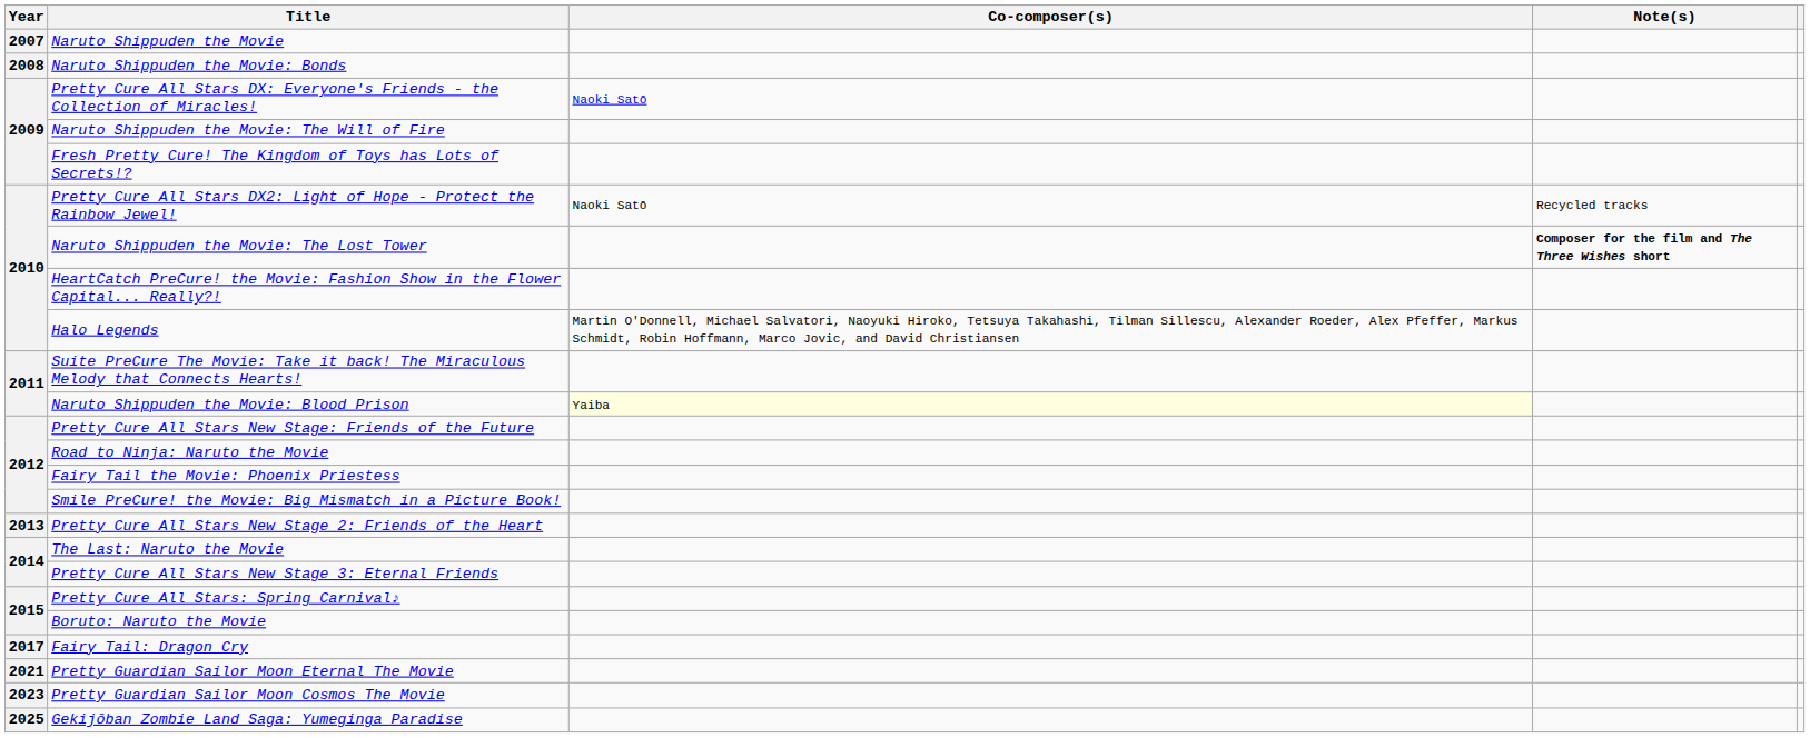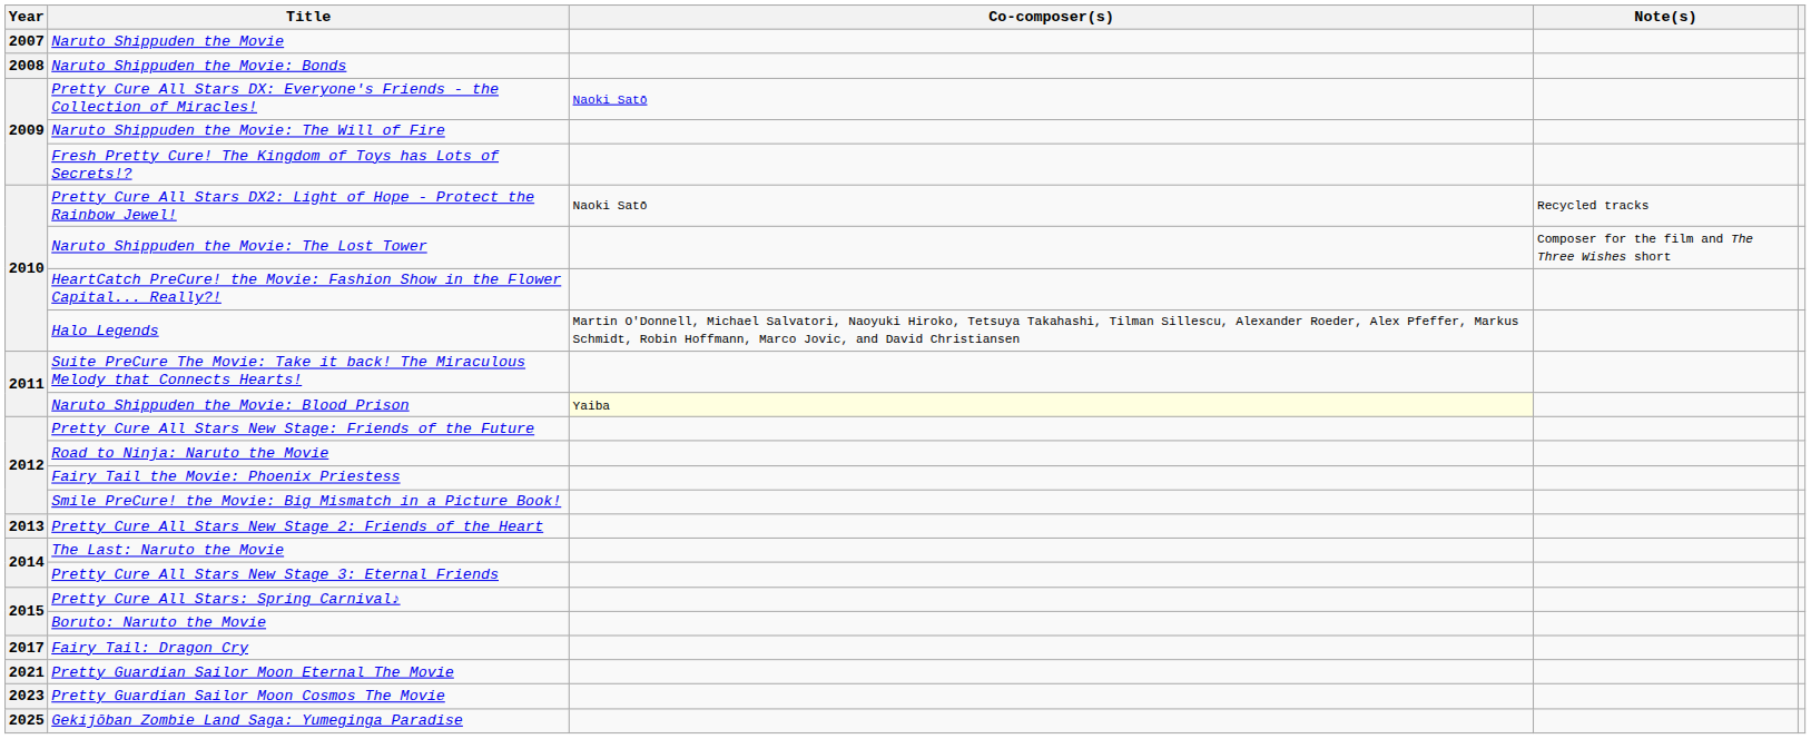 <table class="wikitable unsortable">
 <tr>
 <th>Year</th>
 <th>Title</th>
 <th class="unsortable">Co-composer(s)</th>
 <th class="unsortable">Note(s)</th>
 <th class="unsortable"></th>
 </tr>
 <tr>
 <th>2007</th>
 <td><em><a href='#'>Naruto Shippuden the Movie</a></em></td>
 <td></td>
 <td></td>
 <td></td>
 </tr>
 <tr>
 <th>2008</th>
 <td><em><a href='#'>Naruto Shippuden the Movie: Bonds</a></em></td>
 <td></td>
 <td></td>
 <td></td>
 </tr>
 <tr>
 <th rowspan="3">2009</th>
 <td><em><a href='#'>Pretty Cure All Stars DX: Everyone's Friends - the Collection of Miracles!</a></em></td>
 <td><small><a href='#'>Naoki Satō</a></small></td>
 <td></td>
 <td></td>
 </tr>
 <tr>
 <td><em><a href='#'>Naruto Shippuden the Movie: The Will of Fire</a></em></td>
 <td></td>
 <td></td>
 <td></td>
 </tr>
 <tr>
 <td><em><a href='#'>Fresh Pretty Cure! The Kingdom of Toys has Lots of Secrets!?</a></em></td>
 <td></td>
 <td></td>
 <td></td>
 </tr>
 <tr>
 <th rowspan="4">2010</th>
 <td><em><a href='#'>Pretty Cure All Stars DX2: Light of Hope - Protect the Rainbow Jewel!</a></em></td>
 <td><small>Naoki Satō</small></td>
 <td><small>Recycled tracks</small></td>
 <td></td>
 </tr>
 <tr>
 <td><em><a href='#'>Naruto Shippuden the Movie: The Lost Tower</a></em></td>
 <td></td>
-<td><strong><small>Composer for the film and <em>The Three Wishes</em> short</small></strong></td>
+<td><small>Composer for the film and <em>The Three Wishes</em> short</small></td>
 <td></td>
 </tr>
 <tr>
 <td><em><a href='#'>HeartCatch PreCure! the Movie: Fashion Show in the Flower Capital... Really?!</a></em></td>
 <td></td>
 <td></td>
 <td></td>
 </tr>
 <tr>
 <td><em><a href='#'>Halo Legends</a></em></td>
 <td><small>Martin O'Donnell, Michael Salvatori, Naoyuki Hiroko, Tetsuya Takahashi, Tilman Sillescu, Alexander Roeder, Alex Pfeffer, Markus Schmidt, Robin Hoffmann, Marco Jovic, and David Christiansen</small></td>
 <td></td>
 <td></td>
 </tr>
 <tr>
 <th rowspan="2">2011</th>
 <td><em><a href='#'>Suite PreCure The Movie: Take it back! The Miraculous Melody that Connects Hearts!</a></em></td>
 <td></td>
 <td></td>
 <td></td>
 </tr>
 <tr>
 <td><em><a href='#'>Naruto Shippuden the Movie: Blood Prison</a></em></td>
 <td style="background: lightyellow;"><small>Yaiba</small></td>
 <td></td>
 <td></td>
 </tr>
 <tr>
 <th rowspan="4">2012</th>
 <td><em><a href='#'>Pretty Cure All Stars New Stage: Friends of the Future</a></em></td>
 <td></td>
 <td></td>
 <td></td>
 </tr>
 <tr>
 <td><em><a href='#'>Road to Ninja: Naruto the Movie</a></em></td>
 <td></td>
 <td></td>
 <td></td>
 </tr>
 <tr>
 <td><em><a href='#'>Fairy Tail the Movie: Phoenix Priestess</a></em></td>
 <td></td>
 <td></td>
 <td></td>
 </tr>
 <tr>
 <td><em><a href='#'>Smile PreCure! the Movie: Big Mismatch in a Picture Book!</a></em></td>
 <td></td>
 <td></td>
 <td></td>
 </tr>
 <tr>
 <th>2013</th>
 <td><em><a href='#'>Pretty Cure All Stars New Stage 2: Friends of the Heart</a></em></td>
 <td></td>
 <td></td>
 <td></td>
 </tr>
 <tr>
 <th rowspan="2">2014</th>
 <td><em><a href='#'>The Last: Naruto the Movie</a></em></td>
 <td></td>
 <td></td>
 <td></td>
 </tr>
 <tr>
 <td><em><a href='#'>Pretty Cure All Stars New Stage 3: Eternal Friends</a></em></td>
 <td></td>
 <td></td>
 <td></td>
 </tr>
 <tr>
 <th rowspan="2">2015</th>
 <td><em><a href='#'>Pretty Cure All Stars: Spring Carnival♪</a></em></td>
 <td></td>
 <td></td>
 <td></td>
 </tr>
 <tr>
 <td><em><a href='#'>Boruto: Naruto the Movie</a></em></td>
 <td></td>
 <td></td>
 <td></td>
 </tr>
 <tr>
 <th>2017</th>
 <td><em><a href='#'>Fairy Tail: Dragon Cry</a></em></td>
 <td></td>
 <td></td>
 <td></td>
 </tr>
 <tr>
 <th>2021</th>
 <td><em><a href='#'>Pretty Guardian Sailor Moon Eternal The Movie</a></em></td>
 <td></td>
 <td></td>
 <td></td>
 </tr>
 <tr>
 <th>2023</th>
 <td><em><a href='#'>Pretty Guardian Sailor Moon Cosmos The Movie</a></em></td>
 <td></td>
 <td></td>
 <td></td>
 </tr>
 <tr>
 <th>2025</th>
 <td><em><a href='#'>Gekijōban Zombie Land Saga: Yumeginga Paradise</a></em></td>
 <td></td>
 <td></td>
 <td></td>
 </tr>
 </table>
